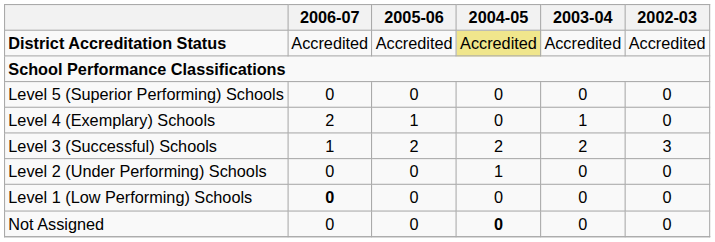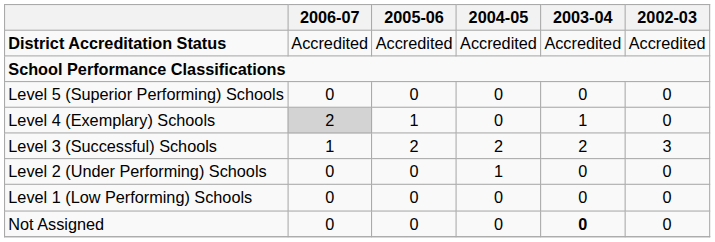 <table class="wikitable" style="font-size: 95%;">
 <tr>
 <th></th>
 <th>2006-07</th>
 <th>2005-06</th>
 <th>2004-05</th>
 <th>2003-04</th>
 <th>2002-03</th>
 </tr>
 <tr>
 <td align="left"><strong>District Accreditation Status</strong></td>
 <td align="center">Accredited</td>
 <td align="center">Accredited</td>
-<td align="center" style="background: khaki;">Accredited</td>
+<td align="center">Accredited</td>
 <td align="center">Accredited</td>
 <td align="center">Accredited</td>
 </tr>
 <tr>
 <td align="left" colspan="6"><strong>School Performance Classifications</strong></td>
 </tr>
 <tr>
 <td align="left">Level 5 (Superior Performing) Schools</td>
 <td align="center">0</td>
 <td align="center">0</td>
 <td align="center">0</td>
 <td align="center">0</td>
 <td align="center">0</td>
 </tr>
 <tr>
 <td align="left">Level 4 (Exemplary) Schools</td>
-<td align="center">2</td>
+<td align="center" style="background: lightgrey;">2</td>
 <td align="center">1</td>
 <td align="center">0</td>
 <td align="center">1</td>
 <td align="center">0</td>
 </tr>
 <tr>
 <td align="left">Level 3 (Successful) Schools</td>
 <td align="center">1</td>
 <td align="center">2</td>
 <td align="center">2</td>
 <td align="center">2</td>
 <td align="center">3</td>
 </tr>
 <tr>
 <td align="left">Level 2 (Under Performing) Schools</td>
 <td align="center">0</td>
 <td align="center">0</td>
 <td align="center">1</td>
 <td align="center">0</td>
 <td align="center">0</td>
 </tr>
 <tr>
 <td align="left">Level 1 (Low Performing) Schools</td>
-<td align="center"><strong>0</strong></td>
+<td align="center">0</td>
 <td align="center">0</td>
 <td align="center">0</td>
 <td align="center">0</td>
 <td align="center">0</td>
 </tr>
 <tr>
 <td align="left">Not Assigned</td>
 <td align="center">0</td>
 <td align="center">0</td>
+<td align="center">0</td>
 <td align="center"><strong>0</strong></td>
-<td align="center">0</td>
 <td align="center">0</td>
 </tr>
 <tr>
 </tr>
 </table>
